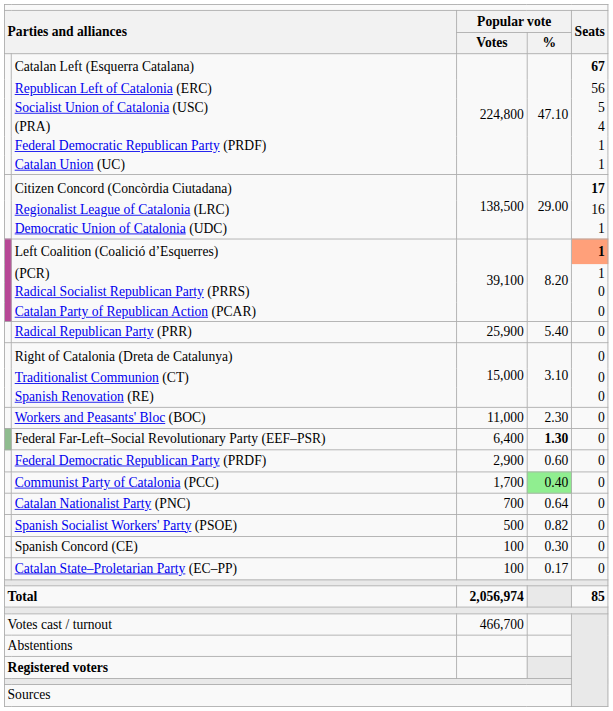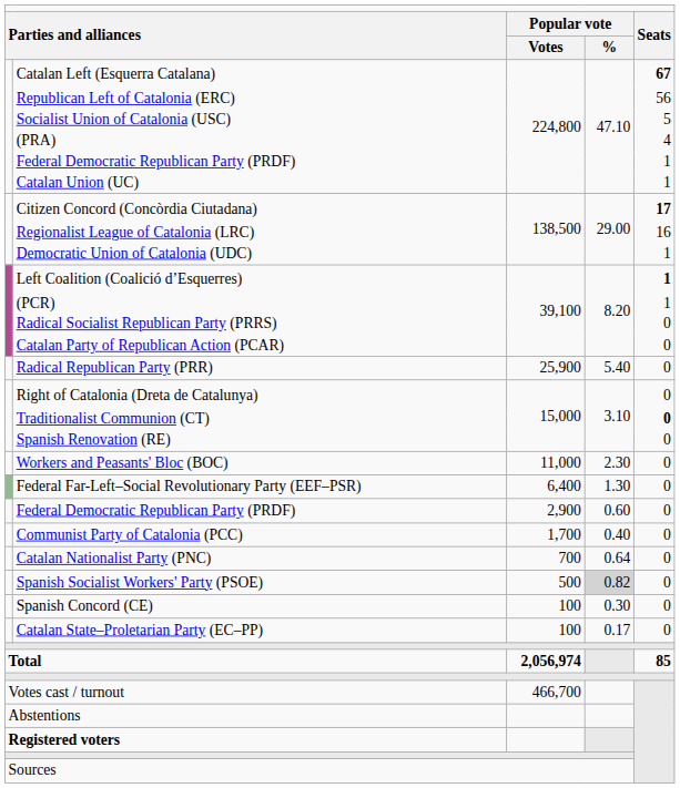 <table class="wikitable" style="text-align:right;">
 <tr>
 <td colspan="5"></td>
 </tr>
 <tr>
 <th style="text-align:left;" rowspan="2" colspan="2" width="525">Parties and alliances</th>
 <th colspan="2">Popular vote</th>
 <th rowspan="2">Seats</th>
 </tr>
 <tr>
 <th width="75">Votes</th>
 <th width="45">%</th>
 </tr>
 <tr style="line-height:23px;">
 <td width="1" rowspan="6"></td>
 <td align="left">Catalan Left (Esquerra Catalana)</td>
 <td rowspan="6">224,800</td>
 <td rowspan="6">47.10</td>
 <td><strong>67</strong></td>
 </tr>
 <tr style="border-bottom-style:hidden; border-top-style:hidden; line-height:16px;">
 <td align="left"><span><a href='#'>Republican Left of Catalonia</a> (ERC)</span></td>
 <td>56</td>
 </tr>
 <tr style="border-bottom-style:hidden; line-height:16px;">
 <td align="left"><span><a href='#'>Socialist Union of Catalonia</a> (USC)</span></td>
 <td>5</td>
 </tr>
 <tr style="border-bottom-style:hidden; line-height:16px;">
 <td align="left"><span> (PRA)</span></td>
 <td>4</td>
 </tr>
 <tr style="border-bottom-style:hidden; line-height:16px;">
 <td align="left"><span><a href='#'>Federal Democratic Republican Party</a> (PRDF)</span></td>
 <td>1</td>
 </tr>
 <tr style="line-height:16px;">
 <td align="left"><span><a href='#'>Catalan Union</a> (UC)</span></td>
 <td>1</td>
 </tr>
 <tr style="line-height:23px;">
 <td rowspan="3" style="color:inherit;background:"></td>
 <td align="left">Citizen Concord (Concòrdia Ciutadana)</td>
 <td rowspan="3">138,500</td>
 <td rowspan="3">29.00</td>
 <td><strong>17</strong></td>
 </tr>
 <tr style="border-bottom-style:hidden; border-top-style:hidden; line-height:16px;">
 <td align="left"><span><a href='#'>Regionalist League of Catalonia</a> (LRC)</span></td>
 <td>16</td>
 </tr>
 <tr style="line-height:16px;">
 <td align="left"><span><a href='#'>Democratic Union of Catalonia</a> (UDC)</span></td>
 <td>1</td>
 </tr>
 <tr style="line-height:23px;">
 <td rowspan="4" bgcolor="#B74896"></td>
 <td align="left">Left Coalition (Coalició d’Esquerres)</td>
 <td rowspan="4">39,100</td>
 <td rowspan="4">8.20</td>
-<td style="background: lightsalmon;"><strong>1</strong></td>
+<td><strong>1</strong></td>
 </tr>
 <tr style="border-bottom-style:hidden; border-top-style:hidden; line-height:16px;">
 <td align="left"><span> (PCR)</span></td>
 <td>1</td>
 </tr>
 <tr style="border-bottom-style:hidden; line-height:16px;">
 <td align="left"><span><a href='#'>Radical Socialist Republican Party</a> (PRRS)</span></td>
 <td>0</td>
 </tr>
 <tr style="line-height:16px;">
 <td align="left"><span><a href='#'>Catalan Party of Republican Action</a> (PCAR)</span></td>
 <td>0</td>
 </tr>
 <tr>
 <td style="color:inherit;background:"></td>
 <td align="left"><a href='#'>Radical Republican Party</a> (PRR)</td>
 <td>25,900</td>
 <td>5.40</td>
 <td>0</td>
 </tr>
 <tr style="line-height:23px;">
 <td rowspan="3" style="color:inherit;background:"></td>
 <td align="left">Right of Catalonia (Dreta de Catalunya)</td>
 <td rowspan="3">15,000</td>
 <td rowspan="3">3.10</td>
 <td>0</td>
 </tr>
 <tr style="border-bottom-style:hidden; border-top-style:hidden; line-height:16px;">
 <td align="left"><span><a href='#'>Traditionalist Communion</a> (CT)</span></td>
-<td>0</td>
+<td><strong>0</strong></td>
 </tr>
 <tr style="line-height:16px;">
 <td align="left"><span><a href='#'>Spanish Renovation</a> (RE)</span></td>
 <td>0</td>
 </tr>
 <tr>
 <td style="color:inherit;background:"></td>
 <td align="left"><a href='#'>Workers and Peasants' Bloc</a> (BOC)</td>
 <td>11,000</td>
 <td>2.30</td>
 <td>0</td>
 </tr>
 <tr>
 <td style="color:inherit;background:#8FBC8F"></td>
 <td align="left">Federal Far-Left–Social Revolutionary Party (EEF–PSR)</td>
 <td>6,400</td>
-<td><strong>1.30</strong></td>
+<td>1.30</td>
 <td>0</td>
 </tr>
 <tr>
 <td style="color:inherit;background:"></td>
 <td align="left"><a href='#'>Federal Democratic Republican Party</a> (PRDF)</td>
 <td>2,900</td>
 <td>0.60</td>
 <td>0</td>
 </tr>
 <tr>
 <td style="color:inherit;background:"></td>
 <td align="left"><a href='#'>Communist Party of Catalonia</a> (PCC)</td>
 <td>1,700</td>
-<td style="background: lightgreen;">0.40</td>
+<td>0.40</td>
 <td>0</td>
 </tr>
 <tr>
 <td style="color:inherit;background:"></td>
 <td align="left"><a href='#'>Catalan Nationalist Party</a> (PNC)</td>
 <td>700</td>
 <td>0.64</td>
 <td>0</td>
 </tr>
 <tr>
 <td style="color:inherit;background:"></td>
 <td align="left"><a href='#'>Spanish Socialist Workers' Party</a> (PSOE)</td>
 <td>500</td>
-<td>0.82</td>
+<td style="background: lightgrey;">0.82</td>
 <td>0</td>
 </tr>
 <tr>
 <td style="color:inherit;background:"></td>
 <td align="left">Spanish Concord (CE)</td>
 <td>100</td>
 <td>0.30</td>
 <td>0</td>
 </tr>
 <tr>
 <td style="color:inherit;background:"></td>
 <td align="left"><a href='#'>Catalan State–Proletarian Party</a> (EC–PP)</td>
 <td>100</td>
 <td>0.17</td>
 <td>0</td>
 </tr>
 <tr>
 <td colspan="5" bgcolor="#E9E9E9"></td>
 </tr>
 <tr style="font-weight:bold;">
 <td align="left" colspan="2">Total</td>
 <td>2,056,974</td>
 <td bgcolor="#E9E9E9"></td>
 <td>85</td>
 </tr>
 <tr>
 <td colspan="5" bgcolor="#E9E9E9"></td>
 </tr>
 <tr>
 <td align="left" colspan="2">Votes cast / turnout</td>
 <td>466,700</td>
 <td></td>
 <td bgcolor="#E9E9E9" rowspan="5"></td>
 </tr>
 <tr>
 <td align="left" colspan="2">Abstentions</td>
 <td></td>
 <td></td>
 </tr>
 <tr style="font-weight:bold;">
 <td align="left" colspan="2">Registered voters</td>
 <td></td>
 <td bgcolor="#E9E9E9"></td>
 </tr>
 <tr>
 <td colspan="5" bgcolor="#E9E9E9"></td>
 </tr>
 <tr>
 <td align="left" colspan="5">Sources</td>
 </tr>
 </table>
